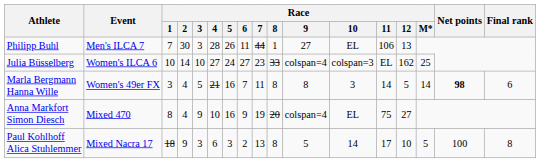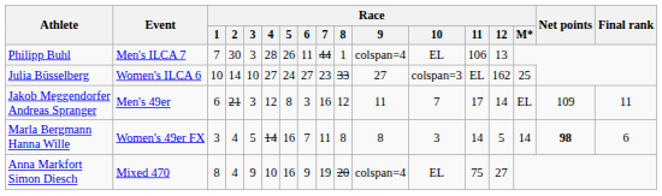 <table class="wikitable" style="font-size:90%">
 <tr>
 <th rowspan="2">Athlete</th>
 <th rowspan="2">Event</th>
 <th colspan=13>Race</th>
 <th rowspan=2>Net points</th>
 <th rowspan=2>Final rank</th>
 </tr>
 <tr style="font-size:95%">
 <th>1</th>
 <th>2</th>
 <th>3</th>
 <th>4</th>
 <th>5</th>
 <th>6</th>
 <th>7</th>
 <th>8</th>
 <th>9</th>
 <th>10</th>
 <th>11</th>
 <th>12</th>
 <th>M*</th>
 </tr>
 <tr align=center>
 <td align=left><a href='#'>Philipp Buhl</a></td>
 <td align=left><a href='#'>Men's ILCA 7</a></td>
 <td>7</td>
 <td>30</td>
 <td>3</td>
 <td>28</td>
 <td>26</td>
 <td>11</td>
 <td><s>44<br></s></td>
 <td>1</td>
-<td>27</td>
+<td>colspan=4 </td>
 <td>EL</td>
 <td>106</td>
 <td>13</td>
 </tr>
 <tr align=center>
 <td align=left><a href='#'>Julia Büsselberg</a></td>
 <td align=left><a href='#'>Women's ILCA 6</a></td>
 <td>10</td>
 <td>14</td>
 <td>10</td>
 <td>27</td>
 <td>24</td>
 <td>27</td>
 <td>23</td>
 <td><s>33</s></td>
-<td>colspan=4 </td>
+<td>27</td>
 <td>colspan=3 </td>
 <td>EL</td>
 <td>162</td>
 <td>25</td>
+</tr>
+<tr align=center>
+<td align=left><a href='#'>Jakob Meggendorfer</a> <br> <a href='#'>Andreas Spranger</a></td>
+<td align=left><a href='#'>Men's 49er</a></td>
+<td>6</td>
+<td><s>21<br></s></td>
+<td>3</td>
+<td>12</td>
+<td>8</td>
+<td>3</td>
+<td>16</td>
+<td>12</td>
+<td>11</td>
+<td>7</td>
+<td>17</td>
+<td>14</td>
+<td>EL</td>
+<td>109</td>
+<td>11</td>
 </tr>
 <tr align=center>
 <td align=left><a href='#'>Marla Bergmann</a> <br> <a href='#'>Hanna Wille</a></td>
 <td align=left><a href='#'>Women's 49er FX</a></td>
 <td>3</td>
 <td>4</td>
 <td>5</td>
-<td><s>21<br></s></td>
+<td><s>14<br></s></td>
 <td>16</td>
 <td>7</td>
 <td>11</td>
 <td>8</td>
 <td>8</td>
 <td>3</td>
 <td>14</td>
 <td>5</td>
 <td>14</td>
 <td><strong>98</strong></td>
 <td>6</td>
 </tr>
 <tr align=center>
 <td align=left><a href='#'>Anna Markfort</a><br> <a href='#'>Simon Diesch</a></td>
 <td align=left><a href='#'>Mixed 470</a></td>
 <td>8</td>
 <td>4</td>
 <td>9</td>
 <td>10</td>
 <td>16</td>
 <td>9</td>
 <td>19</td>
 <td><s>20<br></s></td>
 <td>colspan=4 </td>
 <td>EL</td>
 <td>75</td>
 <td>27</td>
 </tr>
-<tr align=center>
-<td align=left><a href='#'>Paul Kohlhoff</a> <br> <a href='#'>Alica Stuhlemmer</a></td>
-<td align=left><a href='#'>Mixed Nacra 17</a></td>
-<td><s>18</s></td>
-<td>9</td>
-<td>3</td>
-<td>6</td>
-<td>3</td>
-<td>2</td>
-<td>13</td>
-<td>8</td>
-<td>5</td>
-<td>14</td>
-<td>17</td>
-<td>10</td>
-<td>5</td>
-<td>100</td>
-<td>8</td>
-</tr>
 </table>
